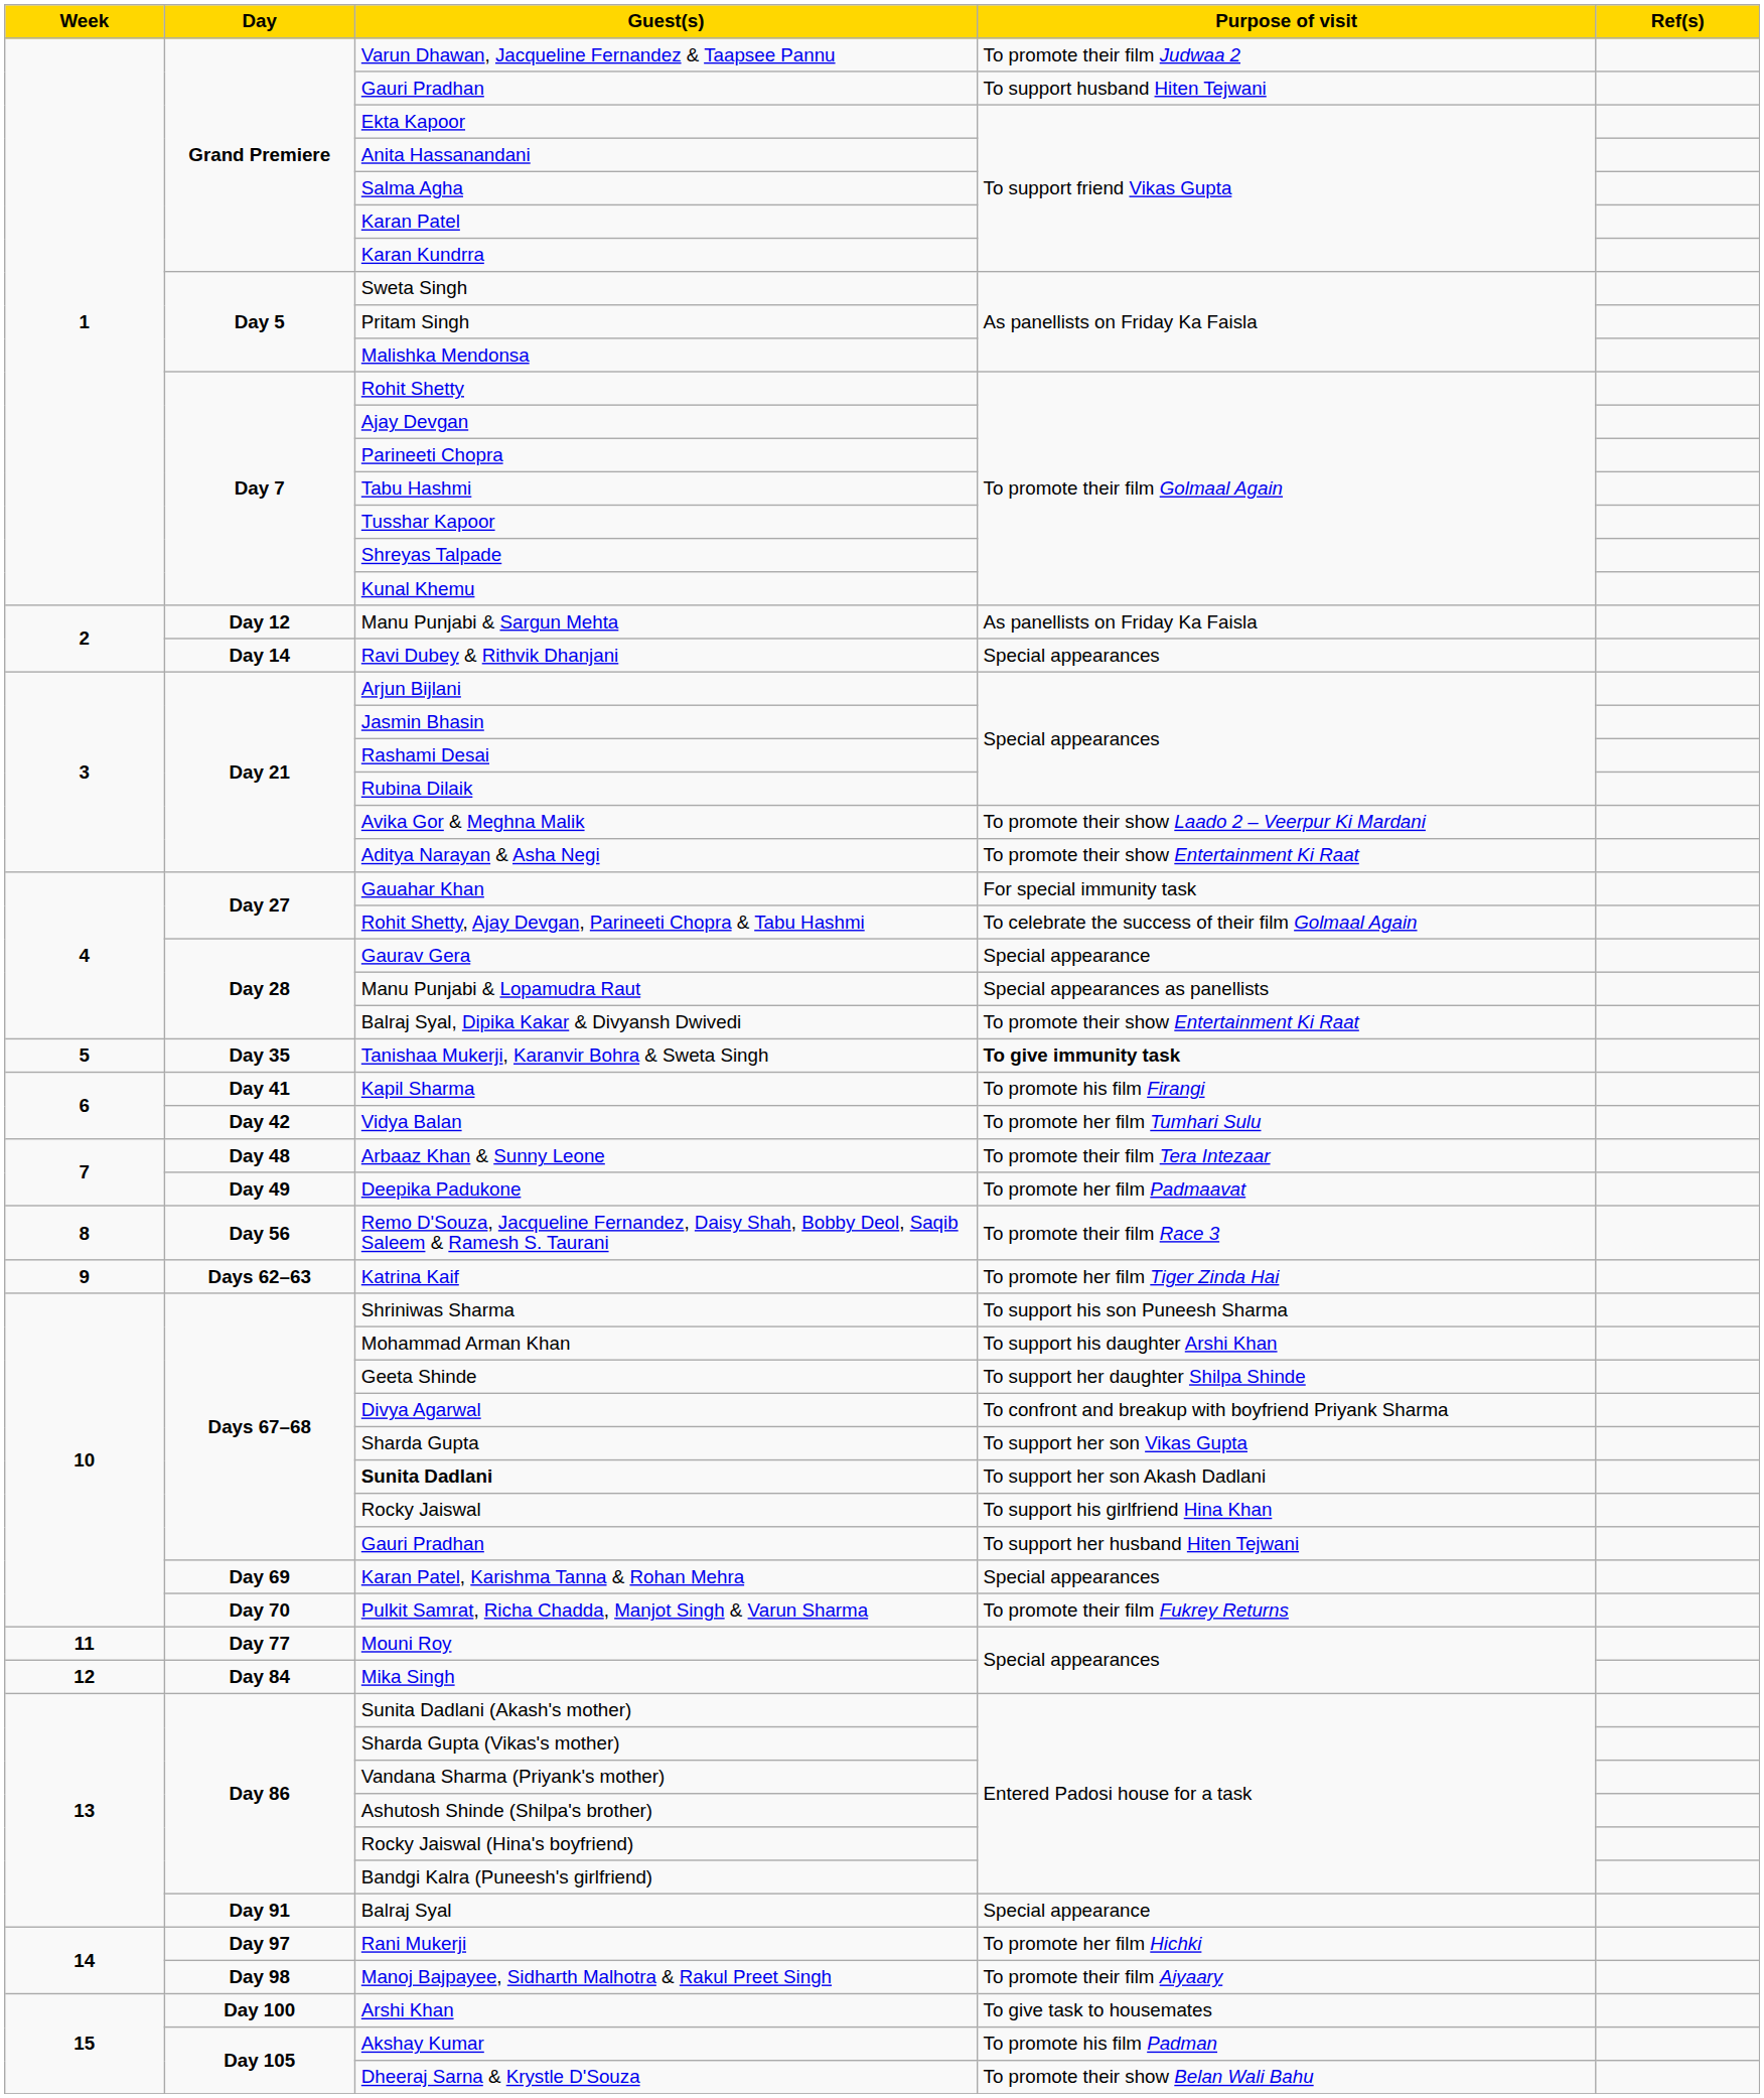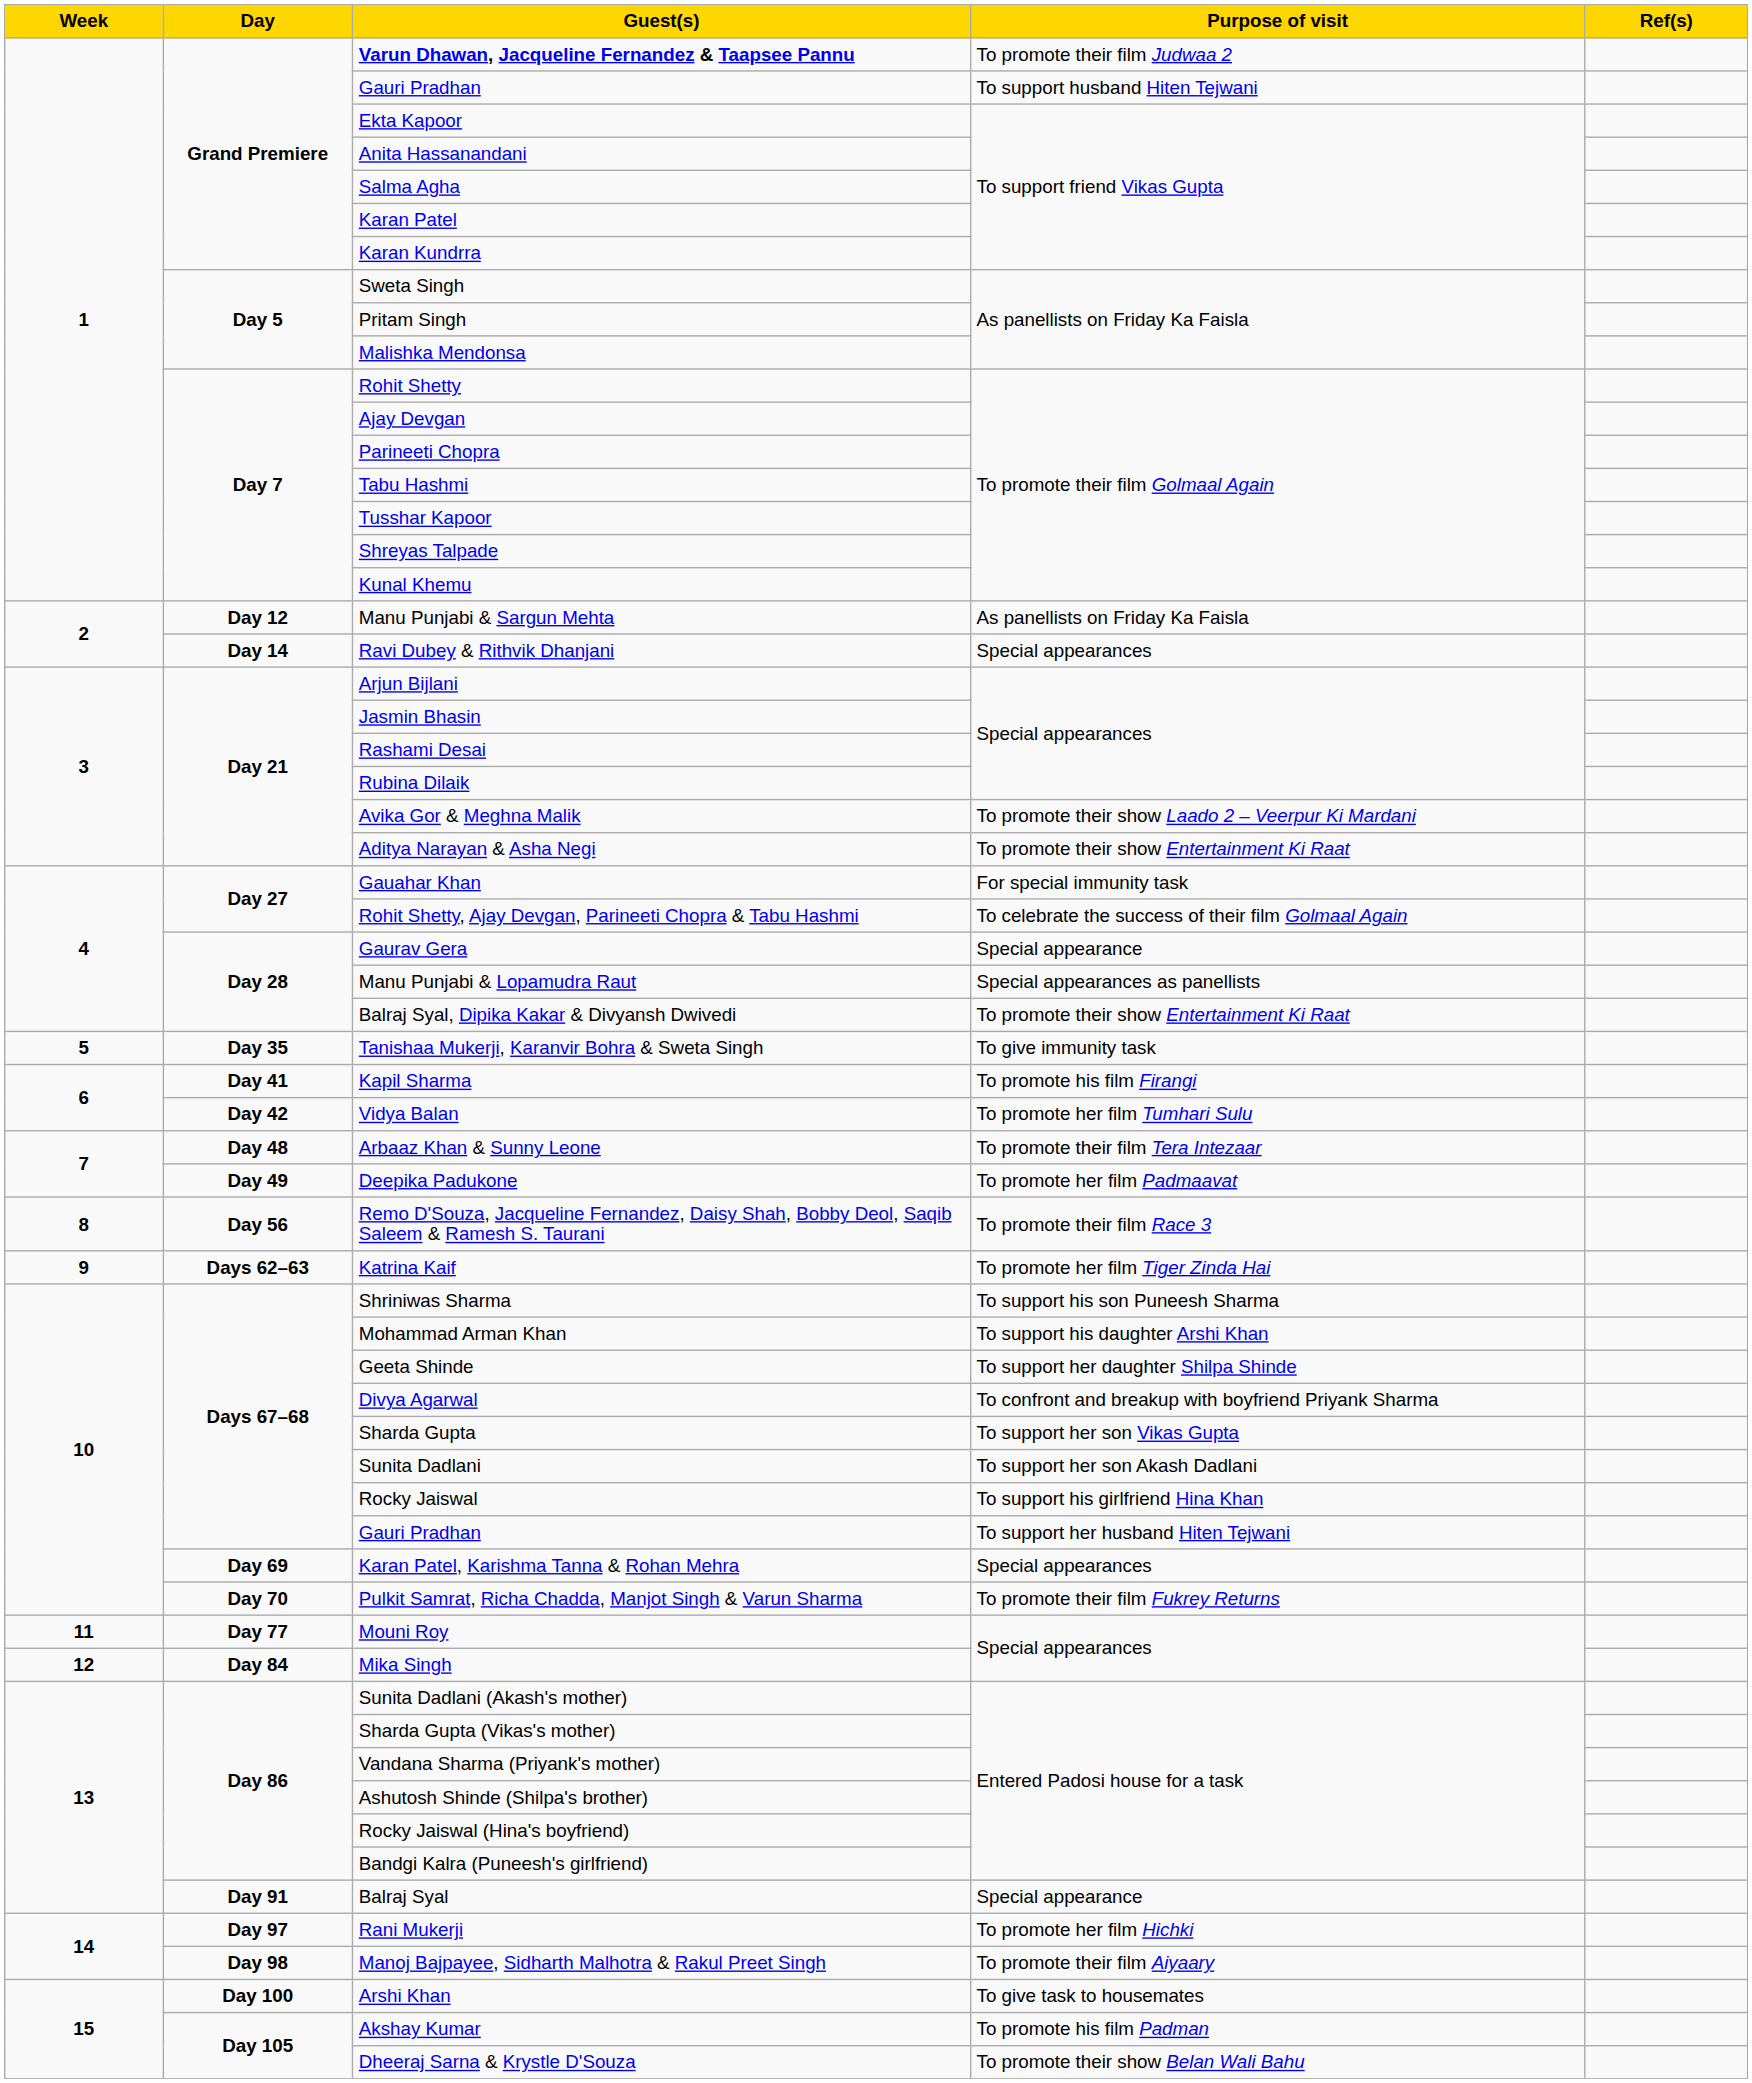 <table border="2" cellpadding="4" cellspacing="0" style="margin: 1em 1em 1em 0;font-size:85%; background: #f9f9f9; border: 1px #aaa solid; border-collapse: collapse;  width:100%;">
 <tr>
 <th style="background:#FFD700; color:#000; width:1%;">Week</th>
 <th style="background:#FFD700; color:#000; width:1%;">Day</th>
 <th style="background:#FFD700; color:#000; width:5%;">Guest(s)</th>
 <th style="background:#FFD700; color:#000; width:5%;">Purpose of visit</th>
 <th style="background:#FFD700; color:#000; width:1%;">Ref(s)</th>
 </tr>
 <tr>
 <th rowspan="17">1</th>
 <th rowspan="7">Grand Premiere</th>
-<td><a href='#'>Varun Dhawan</a>, <a href='#'>Jacqueline Fernandez</a> & <a href='#'>Taapsee Pannu</a></td>
+<td><strong><a href='#'>Varun Dhawan</a>, <a href='#'>Jacqueline Fernandez</a> & <a href='#'>Taapsee Pannu</a></strong></td>
 <td>To promote their film <em><a href='#'>Judwaa 2</a></em></td>
 <td></td>
 </tr>
 <tr>
 <td><a href='#'>Gauri Pradhan</a></td>
 <td>To support husband <a href='#'>Hiten Tejwani</a></td>
 <td></td>
 </tr>
 <tr>
 <td><a href='#'>Ekta Kapoor</a></td>
 <td rowspan="5">To support friend <a href='#'>Vikas Gupta</a></td>
 <td></td>
 </tr>
 <tr>
 <td><a href='#'>Anita Hassanandani</a></td>
 <td></td>
 </tr>
 <tr>
 <td><a href='#'>Salma Agha</a></td>
 <td></td>
 </tr>
 <tr>
 <td><a href='#'>Karan Patel</a></td>
 <td></td>
 </tr>
 <tr>
 <td><a href='#'>Karan Kundrra</a></td>
 <td></td>
 </tr>
 <tr>
 <th rowspan="3">Day 5</th>
 <td>Sweta Singh</td>
 <td rowspan="3">As panellists on Friday Ka Faisla</td>
 <td></td>
 </tr>
 <tr>
 <td>Pritam Singh</td>
 <td></td>
 </tr>
 <tr>
 <td><a href='#'>Malishka Mendonsa</a></td>
 <td></td>
 </tr>
 <tr>
 <th rowspan="7">Day 7</th>
 <td><a href='#'>Rohit Shetty</a></td>
 <td rowspan="7">To promote their film <em><a href='#'>Golmaal Again</a></em></td>
 <td></td>
 </tr>
 <tr>
 <td><a href='#'>Ajay Devgan</a></td>
 <td></td>
 </tr>
 <tr>
 <td><a href='#'>Parineeti Chopra</a></td>
 <td></td>
 </tr>
 <tr>
 <td><a href='#'>Tabu Hashmi</a></td>
 <td></td>
 </tr>
 <tr>
 <td><a href='#'>Tusshar Kapoor</a></td>
 <td></td>
 </tr>
 <tr>
 <td><a href='#'>Shreyas Talpade</a></td>
 <td></td>
 </tr>
 <tr>
 <td><a href='#'>Kunal Khemu</a></td>
 <td></td>
 </tr>
 <tr>
 <th rowspan="2">2</th>
 <th>Day 12</th>
 <td>Manu Punjabi & <a href='#'>Sargun Mehta</a></td>
 <td>As panellists on Friday Ka Faisla</td>
 <td></td>
 </tr>
 <tr>
 <th>Day 14</th>
 <td><a href='#'>Ravi Dubey</a> & <a href='#'>Rithvik Dhanjani</a></td>
 <td>Special appearances</td>
 <td></td>
 </tr>
 <tr>
 <th rowspan="6">3</th>
 <th rowspan="6">Day 21</th>
 <td><a href='#'>Arjun Bijlani</a></td>
 <td rowspan="4">Special appearances</td>
 <td></td>
 </tr>
 <tr>
 <td><a href='#'>Jasmin Bhasin</a></td>
 <td></td>
 </tr>
 <tr>
 <td><a href='#'>Rashami Desai</a></td>
 <td></td>
 </tr>
 <tr>
 <td><a href='#'>Rubina Dilaik</a></td>
 <td></td>
 </tr>
 <tr>
 <td><a href='#'>Avika Gor</a> & <a href='#'>Meghna Malik</a></td>
 <td>To promote their show <em><a href='#'>Laado 2 – Veerpur Ki Mardani</a></em></td>
 <td></td>
 </tr>
 <tr>
 <td><a href='#'>Aditya Narayan</a> & <a href='#'>Asha Negi</a></td>
 <td>To promote their show <em><a href='#'>Entertainment Ki Raat</a></em></td>
 <td></td>
 </tr>
 <tr>
 <th rowspan="5">4</th>
 <th rowspan="2">Day 27</th>
 <td><a href='#'>Gauahar Khan</a></td>
 <td>For special immunity task</td>
 <td></td>
 </tr>
 <tr>
 <td><a href='#'>Rohit Shetty</a>, <a href='#'>Ajay Devgan</a>, <a href='#'>Parineeti Chopra</a> & <a href='#'>Tabu Hashmi</a></td>
 <td>To celebrate the success of their film <em><a href='#'>Golmaal Again</a></em></td>
 <td></td>
 </tr>
 <tr>
 <th rowspan="3">Day 28</th>
 <td><a href='#'>Gaurav Gera</a></td>
 <td>Special appearance</td>
 <td></td>
 </tr>
 <tr>
 <td>Manu Punjabi & <a href='#'>Lopamudra Raut</a></td>
 <td>Special appearances as panellists</td>
 <td></td>
 </tr>
 <tr>
 <td>Balraj Syal, <a href='#'>Dipika Kakar</a> & Divyansh Dwivedi</td>
 <td>To promote their show <em><a href='#'>Entertainment Ki Raat</a></em></td>
 <td></td>
 </tr>
 <tr>
 <th>5</th>
 <th>Day 35</th>
 <td><a href='#'>Tanishaa Mukerji</a>, <a href='#'>Karanvir Bohra</a> & Sweta Singh</td>
-<td><strong>To give immunity task</strong></td>
+<td>To give immunity task</td>
 <td></td>
 </tr>
 <tr>
 <th rowspan="2">6</th>
 <th>Day 41</th>
 <td><a href='#'>Kapil Sharma</a></td>
 <td>To promote his film <em><a href='#'>Firangi</a></em></td>
 <td></td>
 </tr>
 <tr>
 <th>Day 42</th>
 <td><a href='#'>Vidya Balan</a></td>
 <td>To promote her film <em><a href='#'>Tumhari Sulu</a></em></td>
 <td></td>
 </tr>
 <tr>
 <th rowspan="2">7</th>
 <th>Day 48</th>
 <td><a href='#'>Arbaaz Khan</a> & <a href='#'>Sunny Leone</a></td>
 <td>To promote their film <em><a href='#'>Tera Intezaar</a></em></td>
 <td></td>
 </tr>
 <tr>
 <th>Day 49</th>
 <td><a href='#'>Deepika Padukone</a></td>
 <td>To promote her film <em><a href='#'>Padmaavat</a></em></td>
 <td></td>
 </tr>
 <tr>
 <th>8</th>
 <th>Day 56</th>
 <td><a href='#'>Remo D'Souza</a>, <a href='#'>Jacqueline Fernandez</a>, <a href='#'>Daisy Shah</a>, <a href='#'>Bobby Deol</a>, <a href='#'>Saqib Saleem</a> & <a href='#'>Ramesh S. Taurani</a></td>
 <td>To promote their film <em><a href='#'>Race 3</a></em></td>
 <td></td>
 </tr>
 <tr>
 <th>9</th>
 <th>Days 62–63</th>
 <td><a href='#'>Katrina Kaif</a></td>
 <td>To promote her film <em><a href='#'>Tiger Zinda Hai</a></em></td>
 <td></td>
 </tr>
 <tr>
 <th rowspan="10">10</th>
 <th rowspan="8">Days 67–68</th>
 <td>Shriniwas Sharma</td>
 <td>To support his son Puneesh Sharma</td>
 <td></td>
 </tr>
 <tr>
 <td>Mohammad Arman Khan</td>
 <td>To support his daughter <a href='#'>Arshi Khan</a></td>
 <td></td>
 </tr>
 <tr>
 <td>Geeta Shinde</td>
 <td>To support her daughter <a href='#'>Shilpa Shinde</a></td>
 <td></td>
 </tr>
 <tr>
 <td><a href='#'>Divya Agarwal</a></td>
 <td>To confront and breakup with boyfriend Priyank Sharma</td>
 <td></td>
 </tr>
 <tr>
 <td>Sharda Gupta</td>
 <td>To support her son <a href='#'>Vikas Gupta</a></td>
 <td></td>
 </tr>
 <tr>
-<td><strong>Sunita Dadlani</strong></td>
+<td>Sunita Dadlani</td>
 <td>To support her son Akash Dadlani</td>
 <td></td>
 </tr>
 <tr>
 <td>Rocky Jaiswal</td>
 <td>To support his girlfriend <a href='#'>Hina Khan</a></td>
 <td></td>
 </tr>
 <tr>
 <td><a href='#'>Gauri Pradhan</a></td>
 <td>To support her husband <a href='#'>Hiten Tejwani</a></td>
 <td></td>
 </tr>
 <tr>
 <th>Day 69</th>
 <td><a href='#'>Karan Patel</a>, <a href='#'>Karishma Tanna</a> & <a href='#'>Rohan Mehra</a></td>
 <td>Special appearances</td>
 <td></td>
 </tr>
 <tr>
 <th>Day 70</th>
 <td><a href='#'>Pulkit Samrat</a>, <a href='#'>Richa Chadda</a>, <a href='#'>Manjot Singh</a> & <a href='#'>Varun Sharma</a></td>
 <td>To promote their film <em><a href='#'>Fukrey Returns</a></em></td>
 <td></td>
 </tr>
 <tr>
 <th>11</th>
 <th>Day 77</th>
 <td><a href='#'>Mouni Roy</a></td>
 <td rowspan="2">Special appearances</td>
 <td></td>
 </tr>
 <tr>
 <th>12</th>
 <th>Day 84</th>
 <td><a href='#'>Mika Singh</a></td>
 <td></td>
 </tr>
 <tr>
 <th rowspan="7">13</th>
 <th rowspan="6">Day 86</th>
 <td>Sunita Dadlani (Akash's mother)</td>
 <td rowspan="6">Entered Padosi house for a task</td>
 <td></td>
 </tr>
 <tr>
 <td>Sharda Gupta (Vikas's mother)</td>
 <td></td>
 </tr>
 <tr>
 <td>Vandana Sharma (Priyank's mother)</td>
 <td></td>
 </tr>
 <tr>
 <td>Ashutosh Shinde (Shilpa's brother)</td>
 <td></td>
 </tr>
 <tr>
 <td>Rocky Jaiswal (Hina's boyfriend)</td>
 <td></td>
 </tr>
 <tr>
 <td>Bandgi Kalra (Puneesh's girlfriend)</td>
 <td></td>
 </tr>
 <tr>
 <th>Day 91</th>
 <td>Balraj Syal</td>
 <td>Special appearance</td>
 <td></td>
 </tr>
 <tr>
 <th rowspan="2">14</th>
 <th>Day 97</th>
 <td><a href='#'>Rani Mukerji</a></td>
 <td>To promote her film <em><a href='#'>Hichki</a></em></td>
 <td></td>
 </tr>
 <tr>
 <th>Day 98</th>
 <td><a href='#'>Manoj Bajpayee</a>, <a href='#'>Sidharth Malhotra</a> & <a href='#'>Rakul Preet Singh</a></td>
 <td>To promote their film <em><a href='#'>Aiyaary</a></em></td>
 <td></td>
 </tr>
 <tr>
 <th rowspan="3">15</th>
 <th>Day 100</th>
 <td><a href='#'>Arshi Khan</a></td>
 <td>To give task to housemates</td>
 <td></td>
 </tr>
 <tr>
 <th rowspan="2">Day 105</th>
 <td><a href='#'>Akshay Kumar</a></td>
 <td>To promote his film <em><a href='#'>Padman</a></em></td>
 <td></td>
 </tr>
 <tr>
 <td><a href='#'>Dheeraj Sarna</a> & <a href='#'>Krystle D'Souza</a></td>
 <td>To promote their show <em><a href='#'>Belan Wali Bahu</a></em></td>
 <td></td>
 </tr>
 </table>
